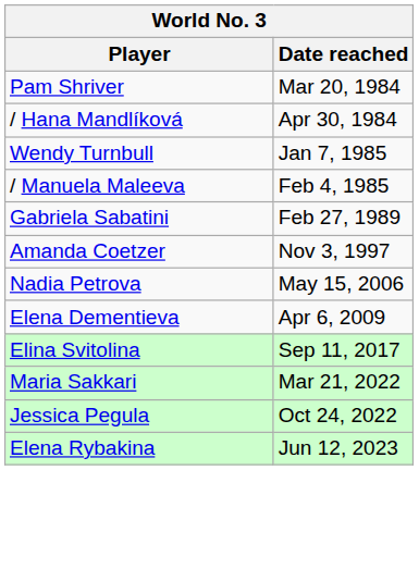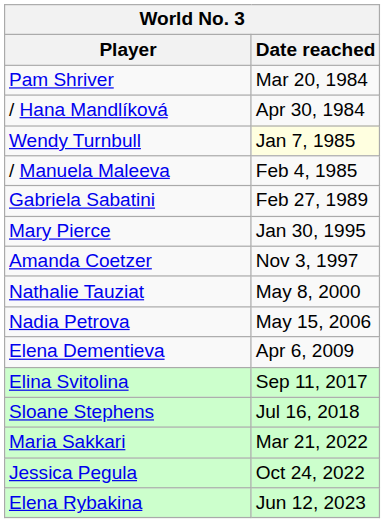 <table class="wikitable" style="display:inline-table">
 <tr>
 <th colspan=2>World No. 3</th>
 </tr>
 <tr>
 <th width="200">Player</th>
 <th>Date reached</th>
 </tr>
 <tr>
 <td> <a href='#'>Pam Shriver</a></td>
 <td>Mar 20, 1984</td>
 </tr>
 <tr>
 <td>/ <a href='#'>Hana Mandlíková</a></td>
 <td>Apr 30, 1984</td>
 </tr>
 <tr>
 <td> <a href='#'>Wendy Turnbull</a></td>
-<td>Jan 7, 1985</td>
+<td style="background: lightyellow;">Jan 7, 1985</td>
 </tr>
 <tr>
 <td>/ <a href='#'>Manuela Maleeva</a></td>
 <td>Feb 4, 1985</td>
 </tr>
 <tr>
 <td> <a href='#'>Gabriela Sabatini</a></td>
 <td>Feb 27, 1989</td>
 </tr>
 <tr>
+<td> <a href='#'>Mary Pierce</a></td>
+<td>Jan 30, 1995</td>
+</tr>
+<tr>
 <td> <a href='#'>Amanda Coetzer</a></td>
 <td>Nov 3, 1997</td>
+</tr>
+<tr>
+<td> <a href='#'>Nathalie Tauziat</a></td>
+<td>May 8, 2000</td>
 </tr>
 <tr>
 <td> <a href='#'>Nadia Petrova</a></td>
 <td>May 15, 2006</td>
 </tr>
 <tr>
 <td> <a href='#'>Elena Dementieva</a></td>
 <td>Apr 6, 2009</td>
 </tr>
 <tr bgcolor=ccffcc>
 <td> <a href='#'>Elina Svitolina</a></td>
 <td>Sep 11, 2017</td>
 </tr>
 <tr bgcolor=ccffcc>
+<td> <a href='#'>Sloane Stephens</a></td>
+<td>Jul 16, 2018</td>
+</tr>
+<tr bgcolor=ccffcc>
 <td> <a href='#'>Maria Sakkari</a></td>
 <td>Mar 21, 2022</td>
 </tr>
 <tr bgcolor=ccffcc>
 <td> <a href='#'>Jessica Pegula</a></td>
 <td>Oct 24, 2022</td>
 </tr>
 <tr bgcolor=ccffcc>
 <td> <a href='#'>Elena Rybakina</a></td>
 <td>Jun 12, 2023</td>
 </tr>
 </table>
